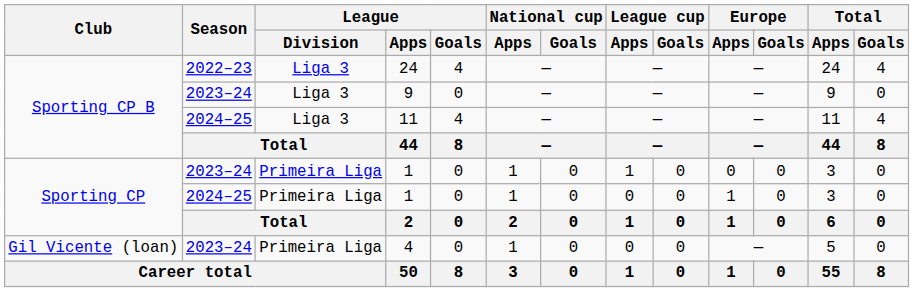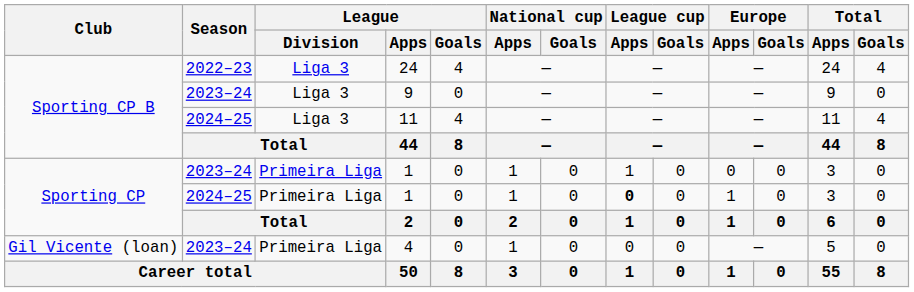 <table class="wikitable" style="text-align: center;">
 <tr>
 <th rowspan="2">Club</th>
 <th rowspan="2">Season</th>
 <th colspan="3">League</th>
 <th colspan="2">National cup</th>
 <th colspan="2">League cup</th>
 <th colspan="2">Europe</th>
 <th colspan="2">Total</th>
 </tr>
 <tr>
 <th>Division</th>
 <th>Apps</th>
 <th>Goals</th>
 <th>Apps</th>
 <th>Goals</th>
 <th>Apps</th>
 <th>Goals</th>
 <th>Apps</th>
 <th>Goals</th>
 <th>Apps</th>
 <th>Goals</th>
 </tr>
 <tr>
 <td rowspan="4"><a href='#'>Sporting CP B</a></td>
 <td><a href='#'>2022–23</a></td>
 <td><a href='#'>Liga 3</a></td>
 <td>24</td>
 <td>4</td>
 <td colspan="2">—</td>
 <td colspan="2">—</td>
 <td colspan="2">—</td>
 <td>24</td>
 <td>4</td>
 </tr>
 <tr>
 <td><a href='#'>2023–24</a></td>
 <td>Liga 3</td>
 <td>9</td>
 <td>0</td>
 <td colspan="2">—</td>
 <td colspan="2">—</td>
 <td colspan="2">—</td>
 <td>9</td>
 <td>0</td>
 </tr>
 <tr>
 <td><a href='#'>2024–25</a></td>
 <td>Liga 3</td>
 <td>11</td>
 <td>4</td>
 <td colspan="2">—</td>
 <td colspan="2">—</td>
 <td colspan="2">—</td>
 <td>11</td>
 <td>4</td>
 </tr>
 <tr>
 <th colspan="2">Total</th>
 <th>44</th>
 <th>8</th>
 <th colspan="2">—</th>
 <th colspan="2">—</th>
 <th colspan="2">—</th>
 <th>44</th>
 <th>8</th>
 </tr>
 <tr>
 <td rowspan="3"><a href='#'>Sporting CP</a></td>
 <td><a href='#'>2023–24</a></td>
 <td><a href='#'>Primeira Liga</a></td>
 <td>1</td>
 <td>0</td>
 <td>1</td>
 <td>0</td>
 <td>1</td>
 <td>0</td>
 <td>0</td>
 <td>0</td>
 <td>3</td>
 <td>0</td>
 </tr>
 <tr>
 <td><a href='#'>2024–25</a></td>
 <td>Primeira Liga</td>
 <td>1</td>
 <td>0</td>
 <td>1</td>
 <td>0</td>
-<td>0</td>
+<td><strong>0</strong></td>
 <td>0</td>
 <td>1</td>
 <td>0</td>
 <td>3</td>
 <td>0</td>
 </tr>
 <tr>
 <th colspan="2">Total</th>
 <th>2</th>
 <th>0</th>
 <th>2</th>
 <th>0</th>
 <th>1</th>
 <th>0</th>
 <th>1</th>
 <th>0</th>
 <th>6</th>
 <th>0</th>
 </tr>
 <tr>
 <td><a href='#'>Gil Vicente</a> (loan)</td>
 <td><a href='#'>2023–24</a></td>
 <td>Primeira Liga</td>
 <td>4</td>
 <td>0</td>
 <td>1</td>
 <td>0</td>
 <td>0</td>
 <td>0</td>
 <td colspan="2">—</td>
 <td>5</td>
 <td>0</td>
 </tr>
 <tr>
 <th colspan="3">Career total</th>
 <th>50</th>
 <th>8</th>
 <th>3</th>
 <th>0</th>
 <th>1</th>
 <th>0</th>
 <th>1</th>
 <th>0</th>
 <th>55</th>
 <th>8</th>
 </tr>
 </table>
